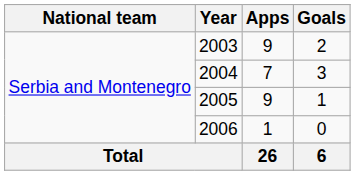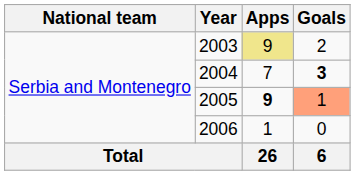 <table class="wikitable" style="text-align:center">
 <tr>
 <th>National team</th>
 <th>Year</th>
 <th>Apps</th>
 <th>Goals</th>
 </tr>
 <tr>
 <td rowspan="4"><a href='#'>Serbia and Montenegro</a></td>
 <td>2003</td>
-<td>9</td>
+<td style="background: khaki;">9</td>
 <td>2</td>
 </tr>
 <tr>
 <td>2004</td>
 <td>7</td>
-<td>3</td>
+<td><strong>3</strong></td>
 </tr>
 <tr>
 <td>2005</td>
-<td>9</td>
-<td>1</td>
+<td><strong>9</strong></td>
+<td style="background: lightsalmon;">1</td>
 </tr>
 <tr>
 <td>2006</td>
 <td>1</td>
 <td>0</td>
 </tr>
 <tr>
 <th colspan="2">Total</th>
 <th>26</th>
 <th>6</th>
 </tr>
 </table>
